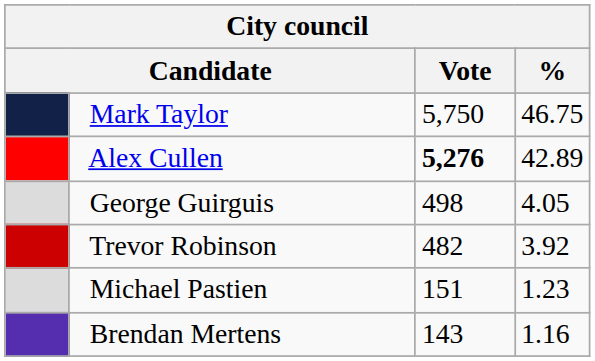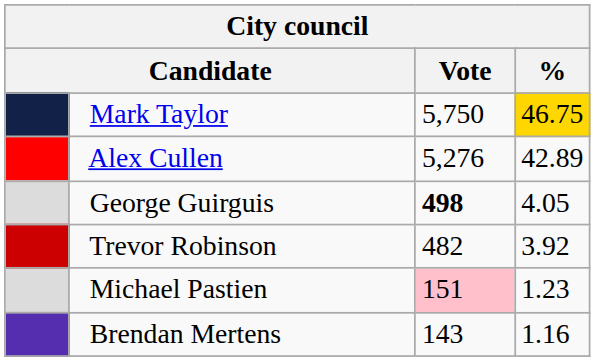 <table class="wikitable">
 <tr>
 <th colspan="4">City council</th>
 </tr>
 <tr>
 <th width="230" bgcolor="#ddddff" colspan="2">Candidate</th>
 <th width="50" bgcolor="#ddddff">Vote</th>
 <th width="30" bgcolor="#ddddff">%</th>
 </tr>
 <tr>
 <td width="30" bgcolor="#122148"> </td>
 <td>  <a href='#'>Mark Taylor</a></td>
 <td>5,750</td>
-<td>46.75</td>
+<td style="background: gold;">46.75</td>
 </tr>
 <tr>
 <td width="30" bgcolor="#ff0000"> </td>
 <td>  <a href='#'>Alex Cullen</a></td>
-<td><strong>5,276</strong></td>
+<td>5,276</td>
 <td>42.89</td>
 </tr>
 <tr>
 <td width="30" bgcolor="#dcdcdc"> </td>
 <td>  George Guirguis</td>
-<td>498</td>
+<td><strong>498</strong></td>
 <td>4.05</td>
 </tr>
 <tr>
 <td width="30" bgcolor="#cc0000"> </td>
 <td>  Trevor Robinson</td>
 <td>482</td>
 <td>3.92</td>
 </tr>
 <tr>
 <td width="30" bgcolor="#dcdcdc"> </td>
 <td>  Michael Pastien</td>
-<td>151</td>
+<td style="background: pink;">151</td>
 <td>1.23</td>
 </tr>
 <tr>
 <td width="30" bgcolor="#552eaf"> </td>
 <td>  Brendan Mertens</td>
 <td>143</td>
 <td>1.16</td>
 </tr>
 </table>
